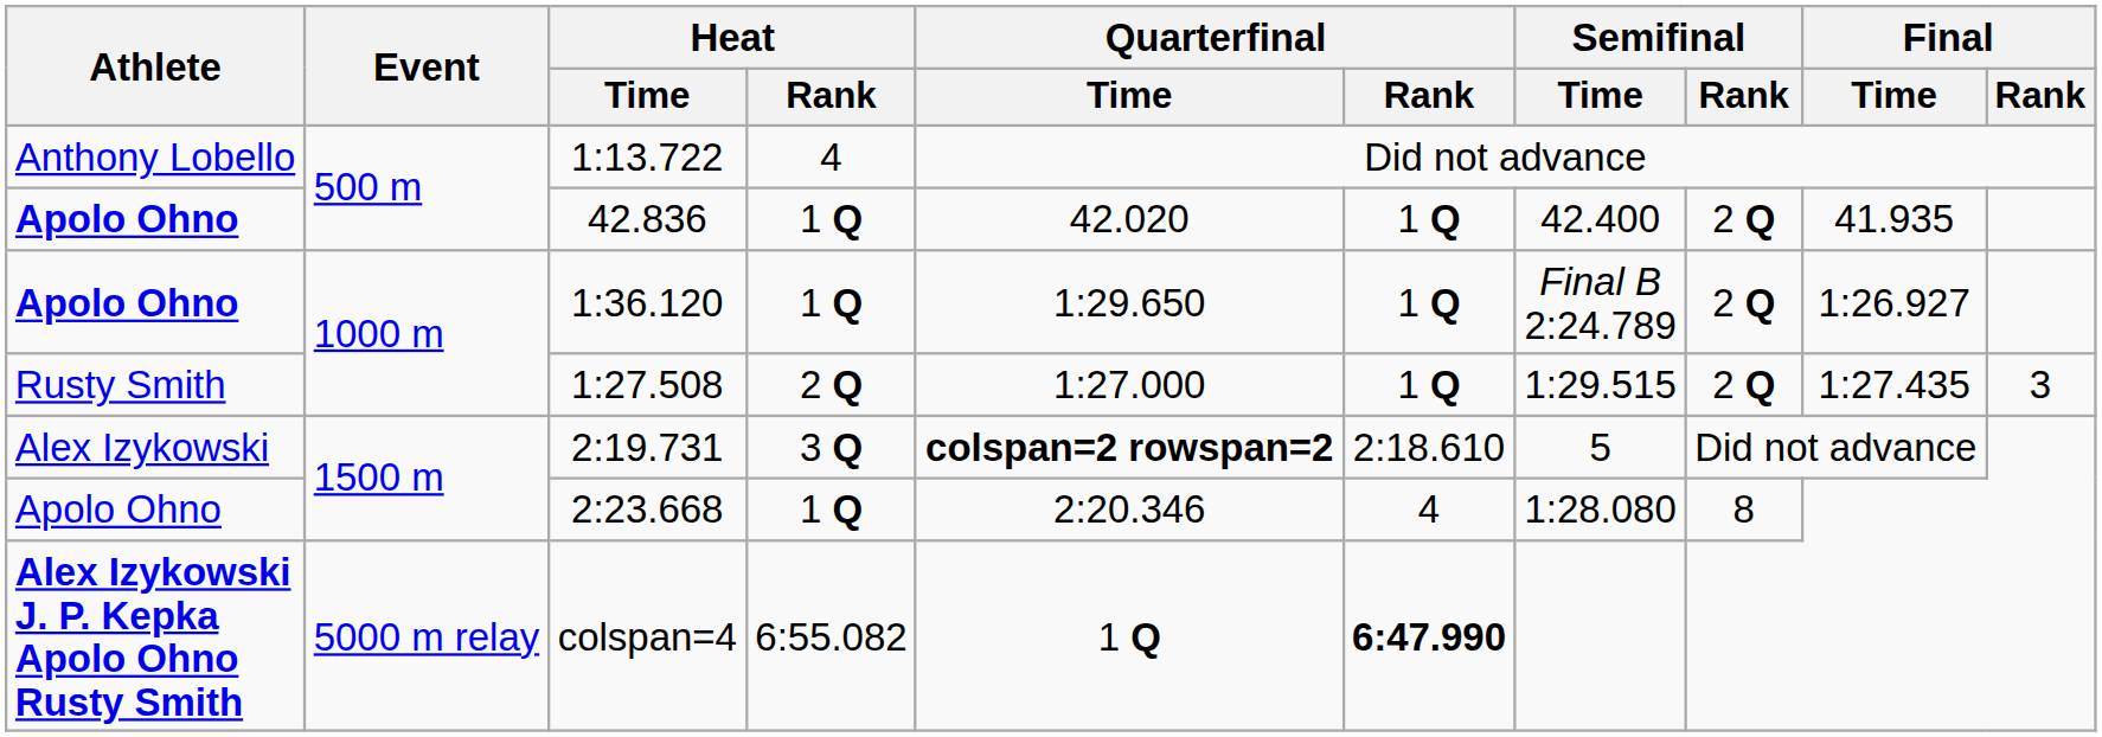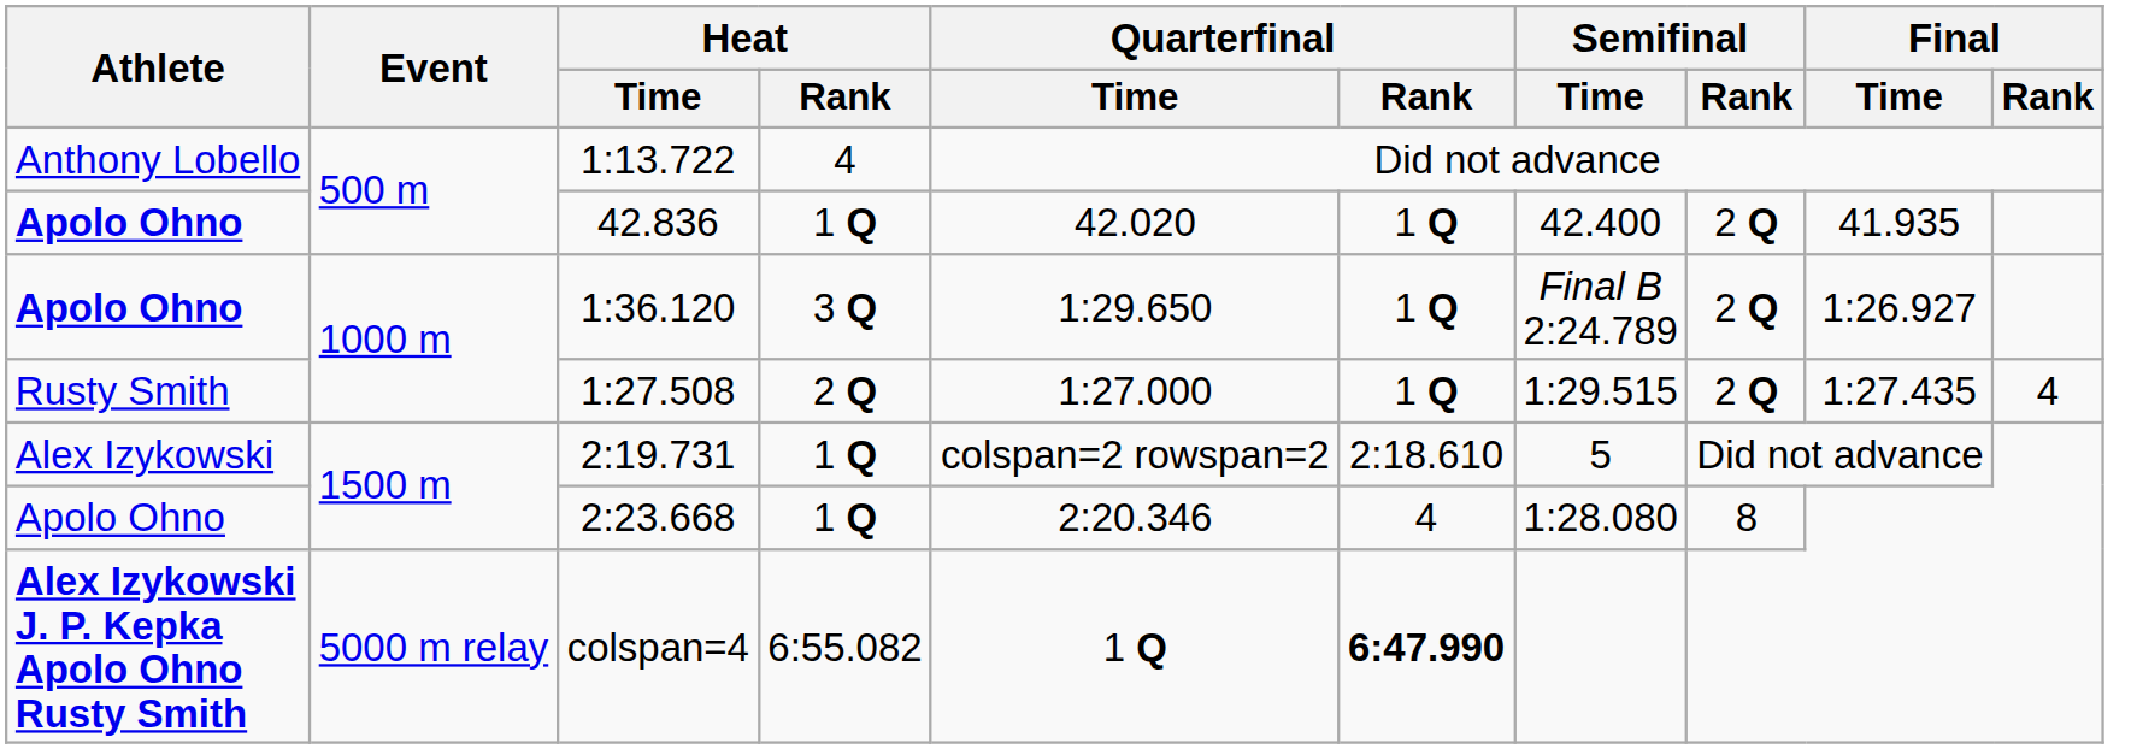 <table class=wikitable style=font-size:90%;text-align:center>
 <tr>
 <th rowspan=2>Athlete</th>
 <th rowspan=2>Event</th>
 <th colspan=2>Heat</th>
 <th colspan=2>Quarterfinal</th>
 <th colspan=2>Semifinal</th>
 <th colspan=2>Final</th>
 </tr>
 <tr style=font-size:95%>
 <th>Time</th>
 <th>Rank</th>
 <th>Time</th>
 <th>Rank</th>
 <th>Time</th>
 <th>Rank</th>
 <th>Time</th>
 <th>Rank</th>
 </tr>
 <tr>
 <td align=left><a href='#'>Anthony Lobello</a></td>
 <td align=left rowspan=2><a href='#'>500 m</a></td>
 <td>1:13.722</td>
 <td>4</td>
 <td colspan=6>Did not advance</td>
 </tr>
 <tr>
 <td align=left><strong><a href='#'>Apolo Ohno</a></strong></td>
 <td>42.836</td>
 <td>1 <strong>Q</strong></td>
 <td>42.020</td>
 <td>1 <strong>Q</strong></td>
 <td>42.400</td>
 <td>2 <strong>Q</strong></td>
 <td>41.935</td>
 <td></td>
 </tr>
 <tr>
 <td align=left><strong><a href='#'>Apolo Ohno</a></strong></td>
 <td align=left rowspan=2><a href='#'>1000 m</a></td>
 <td>1:36.120</td>
-<td>1 <strong>Q</strong></td>
+<td>3 <strong>Q</strong></td>
 <td>1:29.650</td>
 <td>1 <strong>Q</strong></td>
 <td><em>Final B</em><br>2:24.789</td>
 <td>2 <strong>Q</strong></td>
 <td>1:26.927</td>
 <td></td>
 </tr>
 <tr>
 <td align=left><a href='#'>Rusty Smith</a></td>
 <td>1:27.508</td>
 <td>2 <strong>Q</strong></td>
 <td>1:27.000 </td>
 <td>1 <strong>Q</strong></td>
 <td>1:29.515</td>
 <td>2 <strong>Q</strong></td>
 <td>1:27.435</td>
-<td>3</td>
+<td>4</td>
 </tr>
 <tr>
 <td align=left><a href='#'>Alex Izykowski</a></td>
 <td align=left rowspan=2><a href='#'>1500 m</a></td>
 <td>2:19.731</td>
-<td>3 <strong>Q</strong></td>
-<td><strong>colspan=2 rowspan=2 </strong></td>
+<td>1 <strong>Q</strong></td>
+<td>colspan=2 rowspan=2 </td>
 <td>2:18.610</td>
 <td>5</td>
 <td colspan=2>Did not advance</td>
 </tr>
 <tr>
 <td align=left><a href='#'>Apolo Ohno</a></td>
 <td>2:23.668</td>
 <td>1 <strong>Q</strong></td>
 <td>2:20.346</td>
 <td>4</td>
 <td>1:28.080</td>
 <td>8</td>
 </tr>
 <tr>
 <td align=left><strong><a href='#'>Alex Izykowski</a><br><a href='#'>J. P. Kepka</a><br><a href='#'>Apolo Ohno</a><br><a href='#'>Rusty Smith</a></strong></td>
 <td align=left><a href='#'>5000 m relay</a></td>
 <td>colspan=4 </td>
 <td>6:55.082</td>
 <td>1 <strong>Q</strong></td>
 <td><strong>6:47.990</strong></td>
 <td></td>
 </tr>
 </table>
